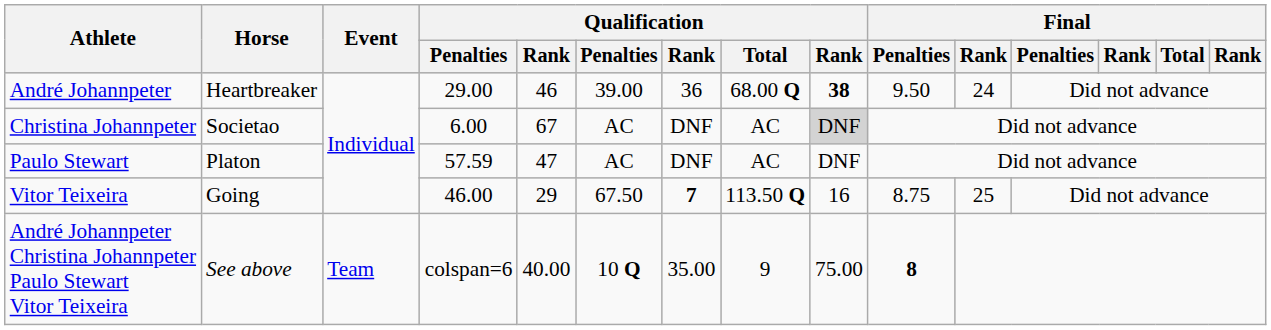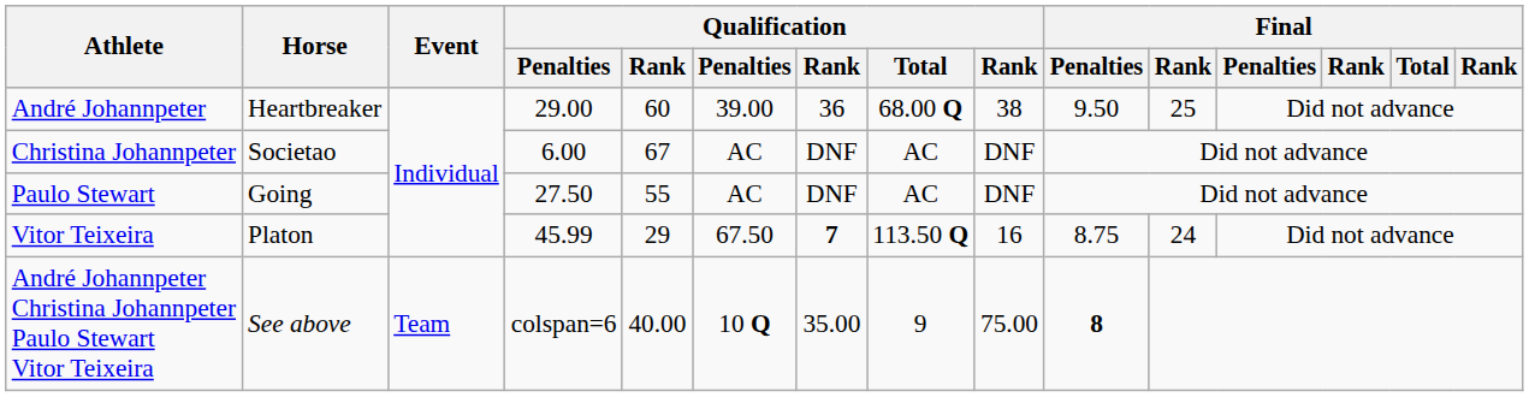 <table class="wikitable" style="font-size:90%">
 <tr>
 <th rowspan="2">Athlete</th>
 <th rowspan="2">Horse</th>
 <th rowspan="2">Event</th>
 <th colspan="6">Qualification</th>
 <th colspan="6">Final</th>
 </tr>
 <tr style="font-size:95%">
 <th>Penalties</th>
 <th>Rank</th>
 <th>Penalties</th>
 <th>Rank</th>
 <th>Total</th>
 <th>Rank</th>
 <th>Penalties</th>
 <th>Rank</th>
 <th>Penalties</th>
 <th>Rank</th>
 <th>Total</th>
 <th>Rank</th>
 </tr>
 <tr align=center>
 <td align=left><a href='#'>André Johannpeter</a></td>
 <td align=left>Heartbreaker</td>
 <td align=left rowspan=4><a href='#'>Individual</a></td>
 <td>29.00</td>
-<td>46</td>
+<td>60</td>
 <td>39.00</td>
 <td>36</td>
 <td>68.00 <strong>Q</strong></td>
-<td><strong>38</strong></td>
+<td>38</td>
 <td>9.50</td>
-<td>24</td>
+<td>25</td>
 <td colspan=4>Did not advance</td>
 </tr>
 <tr align=center>
 <td align=left><a href='#'>Christina Johannpeter</a></td>
 <td align=left>Societao</td>
 <td>6.00</td>
 <td>67</td>
 <td>AC</td>
 <td>DNF</td>
 <td>AC</td>
-<td style="background: lightgrey;">DNF</td>
+<td>DNF</td>
 <td colspan=6>Did not advance</td>
 </tr>
 <tr align=center>
 <td align=left><a href='#'>Paulo Stewart</a></td>
-<td align=left>Platon</td>
-<td>57.59</td>
-<td>47</td>
+<td align=left>Going</td>
+<td>27.50</td>
+<td>55</td>
 <td>AC</td>
 <td>DNF</td>
 <td>AC</td>
 <td>DNF</td>
 <td colspan=6>Did not advance</td>
 </tr>
 <tr align=center>
 <td align=left><a href='#'>Vitor Teixeira</a></td>
-<td align=left>Going</td>
-<td>46.00</td>
+<td align=left>Platon</td>
+<td>45.99</td>
 <td>29</td>
 <td>67.50</td>
 <td><strong>7</strong></td>
 <td>113.50 <strong>Q</strong></td>
 <td>16</td>
 <td>8.75</td>
-<td>25</td>
+<td>24</td>
 <td colspan=4>Did not advance</td>
 </tr>
 <tr align=center>
 <td align=left><a href='#'>André Johannpeter</a><br><a href='#'>Christina Johannpeter</a><br><a href='#'>Paulo Stewart</a><br><a href='#'>Vitor Teixeira</a></td>
 <td align=left><em>See above</em></td>
 <td align=left><a href='#'>Team</a></td>
 <td>colspan=6 </td>
 <td>40.00</td>
 <td>10 <strong>Q</strong></td>
 <td>35.00</td>
 <td>9</td>
 <td>75.00</td>
 <td><strong>8</strong></td>
 </tr>
 </table>
